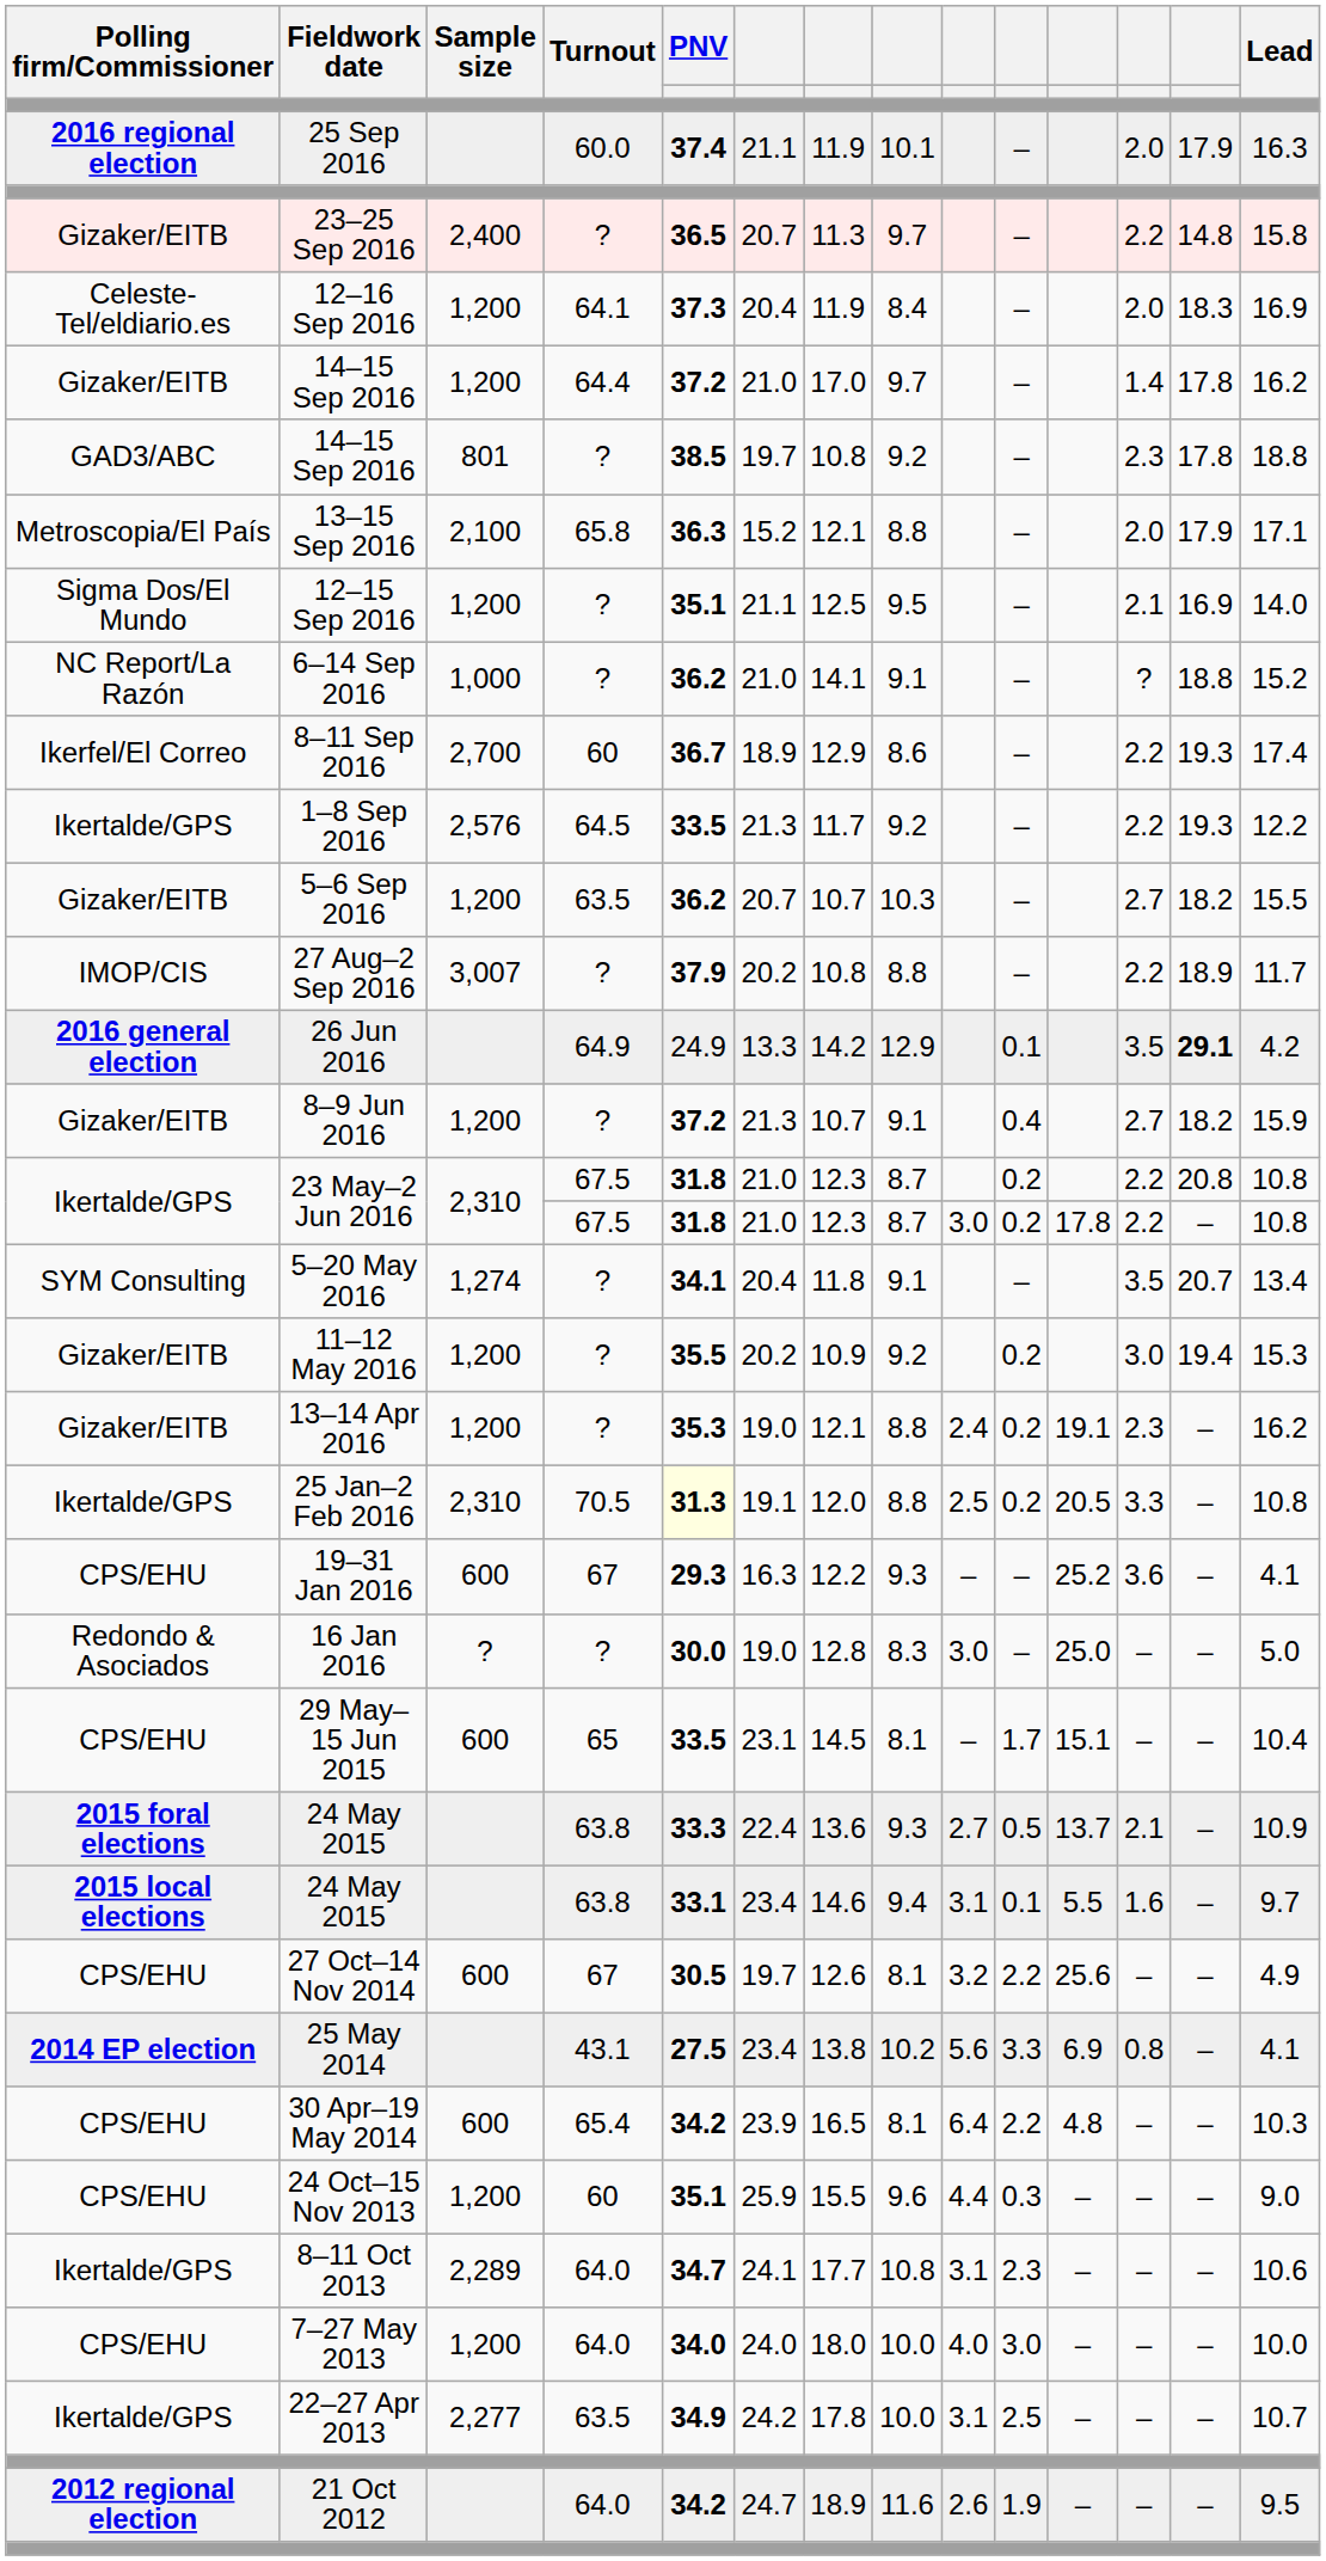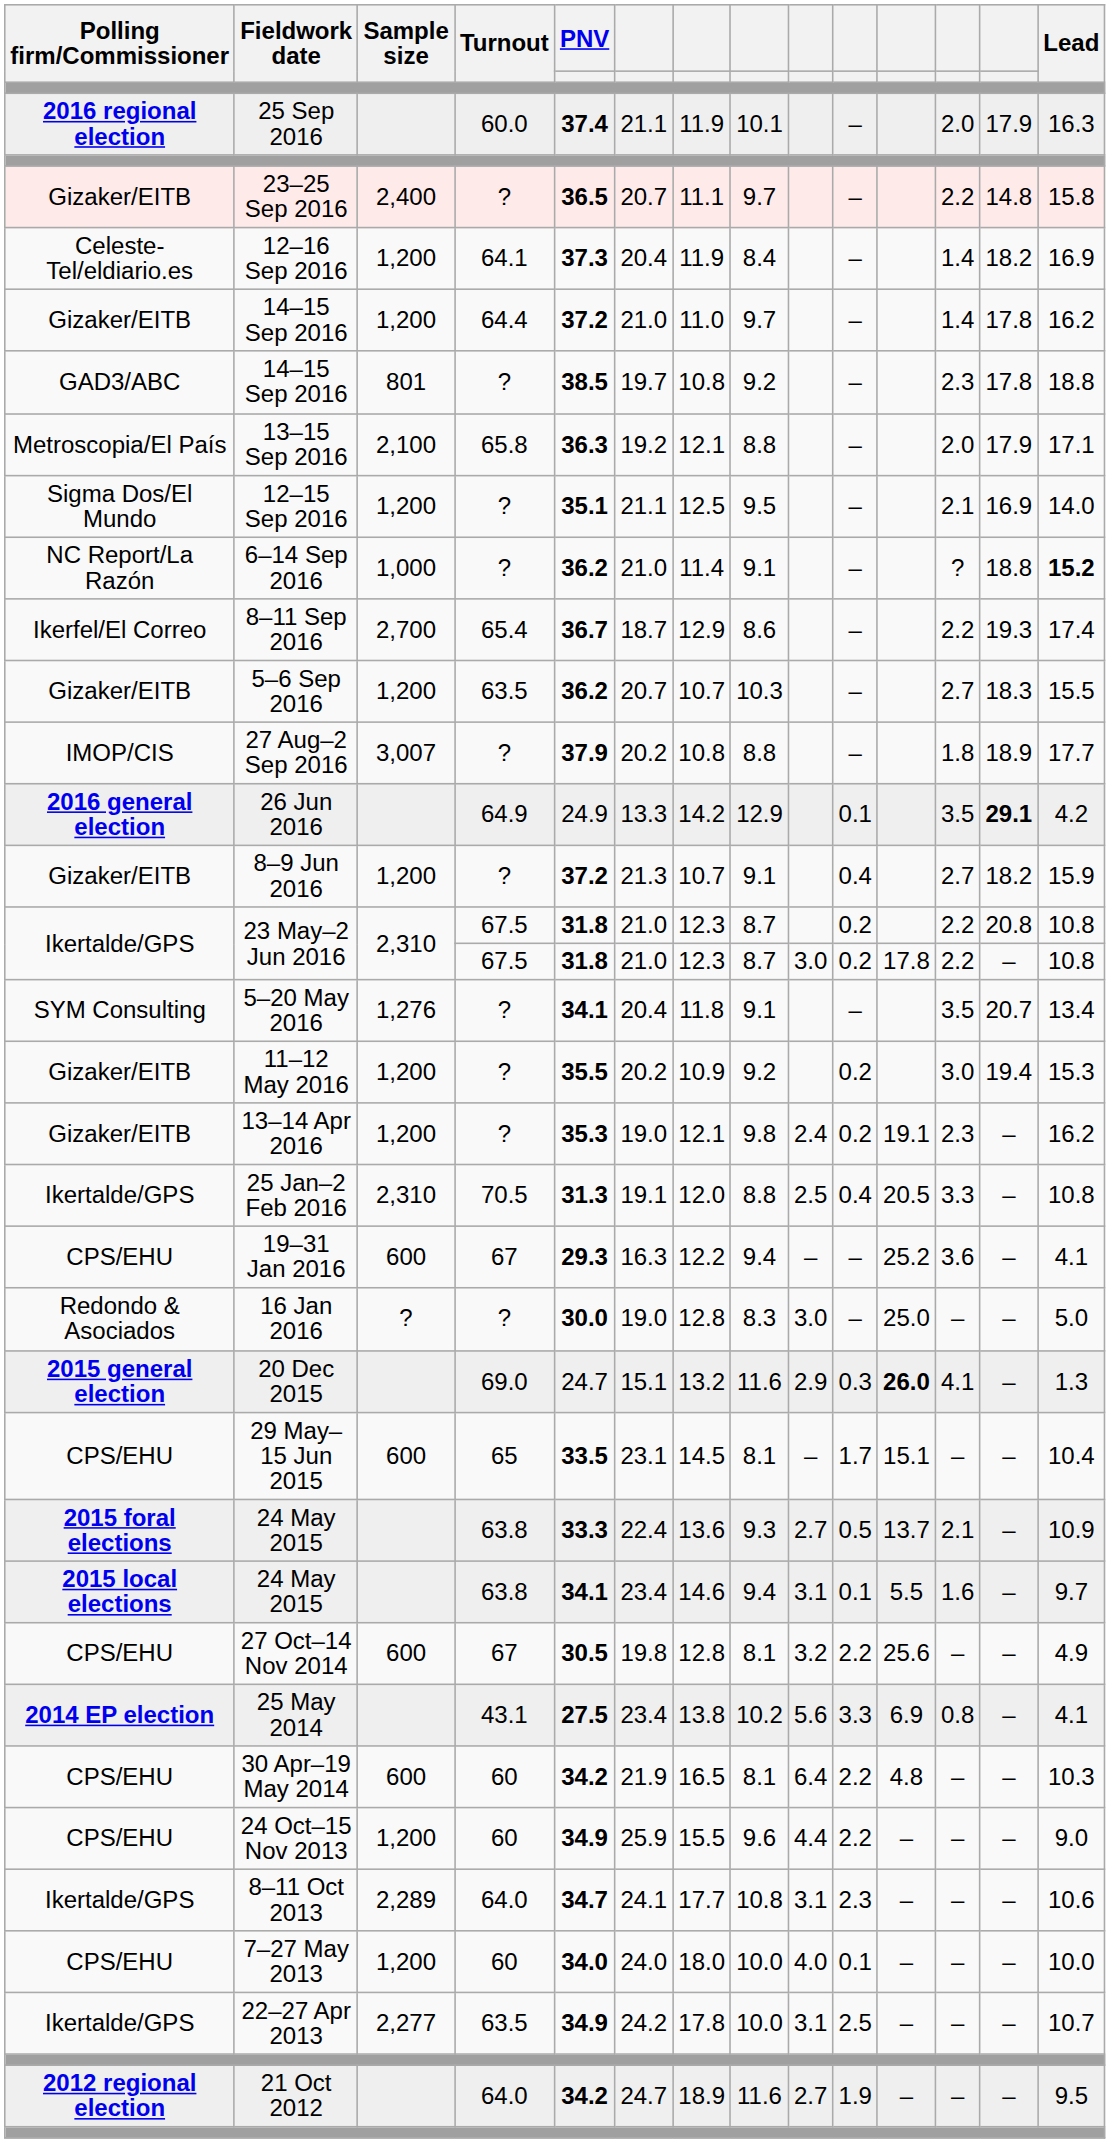 <table class="wikitable collapsible collapsed" style="text-align:center; font-size:95%; line-height:16px;">
 <tr style="height:42px;">
 <th style="width:250px;" rowspan="2">Polling firm/Commissioner</th>
 <th style="width:125px;" rowspan="2">Fieldwork date</th>
 <th style="width:50px;" rowspan="2">Sample size</th>
 <th style="width:45px;" rowspan="2">Turnout</th>
 <th style="width:35px;"><a href='#'>PNV</a></th>
 <th style="width:35px;"></th>
 <th style="width:35px;"></th>
 <th style="width:35px;"></th>
 <th style="width:35px;"></th>
 <th style="width:35px;"></th>
 <th style="width:35px;"></th>
 <th style="width:35px;"></th>
 <th style="width:35px;"></th>
 <th style="width:30px;" rowspan="2">Lead</th>
 </tr>
 <tr>
 <th style="color:inherit;background:"></th>
 <th style="color:inherit;background:"></th>
 <th style="color:inherit;background:"></th>
 <th style="color:inherit;background:"></th>
 <th style="color:inherit;background:"></th>
 <th style="color:inherit;background:"></th>
 <th style="color:inherit;background:"></th>
 <th style="color:inherit;background:"></th>
 <th style="color:inherit;background:"></th>
 </tr>
 <tr>
 <td colspan="14" style="background:#A0A0A0"></td>
 </tr>
 <tr style="background:#EFEFEF;">
 <td><strong><a href='#'>2016 regional election</a></strong></td>
 <td>25 Sep 2016</td>
 <td></td>
 <td>60.0</td>
 <td><strong>37.4</strong><br></td>
 <td>21.1<br></td>
 <td>11.9<br></td>
 <td>10.1<br></td>
 <td></td>
 <td>–</td>
 <td></td>
 <td>2.0<br></td>
 <td>17.9<br></td>
 <td style="background:">16.3</td>
 </tr>
 <tr>
 <td colspan="14" style="background:#A0A0A0"></td>
 </tr>
 <tr style="background:#FFEAEA;">
 <td>Gizaker/EITB</td>
 <td>23–25 Sep 2016</td>
 <td>2,400</td>
 <td>?</td>
 <td><strong>36.5</strong><br></td>
 <td>20.7<br></td>
-<td>11.3<br></td>
+<td>11.1<br></td>
 <td>9.7<br></td>
 <td></td>
 <td>–</td>
 <td></td>
 <td>2.2<br></td>
 <td>14.8<br></td>
 <td style="background:">15.8</td>
 </tr>
 <tr>
 <td>Celeste-Tel/eldiario.es</td>
 <td>12–16 Sep 2016</td>
 <td>1,200</td>
 <td>64.1</td>
 <td><strong>37.3</strong><br></td>
 <td>20.4<br></td>
 <td>11.9<br></td>
 <td>8.4<br></td>
 <td></td>
 <td>–</td>
 <td></td>
-<td>2.0<br></td>
-<td>18.3<br></td>
+<td>1.4<br></td>
+<td>18.2<br></td>
 <td style="background:">16.9</td>
 </tr>
 <tr>
 <td>Gizaker/EITB</td>
 <td>14–15 Sep 2016</td>
 <td>1,200</td>
 <td>64.4</td>
 <td><strong>37.2</strong><br></td>
 <td>21.0<br></td>
-<td>17.0<br></td>
+<td>11.0<br></td>
 <td>9.7<br></td>
 <td></td>
 <td>–</td>
 <td></td>
 <td>1.4<br></td>
 <td>17.8<br></td>
 <td style="background:">16.2</td>
 </tr>
 <tr>
 <td>GAD3/ABC</td>
 <td>14–15 Sep 2016</td>
 <td>801</td>
 <td>?</td>
 <td><strong>38.5</strong><br></td>
 <td>19.7<br></td>
 <td>10.8<br></td>
 <td>9.2<br></td>
 <td></td>
 <td>–</td>
 <td></td>
 <td>2.3<br></td>
 <td>17.8<br></td>
 <td style="background:">18.8</td>
 </tr>
 <tr>
 <td>Metroscopia/El País</td>
 <td>13–15 Sep 2016</td>
 <td>2,100</td>
 <td>65.8</td>
 <td><strong>36.3</strong><br></td>
-<td>15.2<br></td>
+<td>19.2<br></td>
 <td>12.1<br></td>
 <td>8.8<br></td>
 <td></td>
 <td>–</td>
 <td></td>
 <td>2.0<br></td>
 <td>17.9<br></td>
 <td style="background:">17.1</td>
 </tr>
 <tr>
 <td>Sigma Dos/El Mundo</td>
 <td>12–15 Sep 2016</td>
 <td>1,200</td>
 <td>?</td>
 <td><strong>35.1</strong><br></td>
 <td>21.1<br></td>
 <td>12.5<br></td>
 <td>9.5<br></td>
 <td></td>
 <td>–</td>
 <td></td>
 <td>2.1<br></td>
 <td>16.9<br></td>
 <td style="background:">14.0</td>
 </tr>
 <tr>
 <td>NC Report/La Razón</td>
 <td>6–14 Sep 2016</td>
 <td>1,000</td>
 <td>?</td>
 <td><strong>36.2</strong><br></td>
 <td>21.0<br></td>
-<td>14.1<br></td>
+<td>11.4<br></td>
 <td>9.1<br></td>
 <td></td>
 <td>–</td>
 <td></td>
 <td>?<br></td>
 <td>18.8<br></td>
-<td style="background:">15.2</td>
+<td style="background:"><strong>15.2</strong></td>
 </tr>
 <tr>
 <td>Ikerfel/El Correo</td>
 <td>8–11 Sep 2016</td>
 <td>2,700</td>
-<td>60</td>
+<td>65.4</td>
 <td><strong>36.7</strong><br></td>
-<td>18.9<br></td>
+<td>18.7<br></td>
 <td>12.9<br></td>
 <td>8.6<br></td>
 <td></td>
 <td>–</td>
 <td></td>
 <td>2.2<br></td>
 <td>19.3<br></td>
 <td style="background:">17.4</td>
-</tr>
-<tr>
-<td>Ikertalde/GPS</td>
-<td>1–8 Sep 2016</td>
-<td>2,576</td>
-<td>64.5</td>
-<td><strong>33.5</strong><br></td>
-<td>21.3<br></td>
-<td>11.7<br></td>
-<td>9.2<br></td>
-<td></td>
-<td>–</td>
-<td></td>
-<td>2.2<br></td>
-<td>19.3<br></td>
-<td style="background:">12.2</td>
 </tr>
 <tr>
 <td>Gizaker/EITB</td>
 <td>5–6 Sep 2016</td>
 <td>1,200</td>
 <td>63.5</td>
 <td><strong>36.2</strong><br></td>
 <td>20.7<br></td>
 <td>10.7<br></td>
 <td>10.3<br></td>
 <td></td>
 <td>–</td>
 <td></td>
 <td>2.7<br></td>
-<td>18.2<br></td>
+<td>18.3<br></td>
 <td style="background:">15.5</td>
 </tr>
 <tr>
 <td>IMOP/CIS</td>
 <td>27 Aug–2 Sep 2016</td>
 <td>3,007</td>
 <td>?</td>
 <td><strong>37.9</strong><br></td>
 <td>20.2<br></td>
 <td>10.8<br></td>
 <td>8.8<br></td>
 <td></td>
 <td>–</td>
 <td></td>
-<td>2.2<br></td>
+<td>1.8<br></td>
 <td>18.9<br></td>
-<td style="background:">11.7</td>
+<td style="background:">17.7</td>
 </tr>
 <tr style="background:#EFEFEF;">
 <td><strong><a href='#'>2016 general election</a></strong></td>
 <td>26 Jun 2016</td>
 <td></td>
 <td>64.9</td>
 <td>24.9<br></td>
 <td>13.3<br></td>
 <td>14.2<br></td>
 <td>12.9<br></td>
 <td></td>
 <td>0.1<br></td>
 <td></td>
 <td>3.5<br></td>
 <td><strong>29.1</strong><br></td>
 <td style="background:">4.2</td>
 </tr>
 <tr>
 <td>Gizaker/EITB</td>
 <td>8–9 Jun 2016</td>
 <td>1,200</td>
 <td>?</td>
 <td><strong>37.2</strong><br></td>
 <td>21.3<br></td>
 <td>10.7<br></td>
 <td>9.1<br></td>
 <td></td>
 <td>0.4<br></td>
 <td></td>
 <td>2.7<br></td>
 <td>18.2<br></td>
 <td style="background:">15.9</td>
 </tr>
 <tr>
 <td rowspan="2">Ikertalde/GPS</td>
 <td rowspan="2">23 May–2 Jun 2016</td>
 <td rowspan="2">2,310</td>
 <td>67.5</td>
 <td><strong>31.8</strong><br></td>
 <td>21.0<br></td>
 <td>12.3<br></td>
 <td>8.7<br></td>
 <td></td>
 <td>0.2<br></td>
 <td></td>
 <td>2.2<br></td>
 <td>20.8<br></td>
 <td style="background:">10.8</td>
 </tr>
 <tr>
 <td>67.5</td>
 <td><strong>31.8</strong><br></td>
 <td>21.0<br></td>
 <td>12.3<br></td>
 <td>8.7<br></td>
 <td>3.0<br></td>
 <td>0.2<br></td>
 <td>17.8<br></td>
 <td>2.2<br></td>
 <td>–</td>
 <td style="background:">10.8</td>
 </tr>
 <tr>
 <td>SYM Consulting</td>
 <td>5–20 May 2016</td>
-<td>1,274</td>
+<td>1,276</td>
 <td>?</td>
 <td><strong>34.1</strong><br></td>
 <td>20.4<br></td>
 <td>11.8<br></td>
 <td>9.1<br></td>
 <td></td>
 <td>–</td>
 <td></td>
 <td>3.5<br></td>
 <td>20.7<br></td>
 <td style="background:">13.4</td>
 </tr>
 <tr>
 <td>Gizaker/EITB</td>
 <td>11–12 May 2016</td>
 <td>1,200</td>
 <td>?</td>
 <td><strong>35.5</strong><br></td>
 <td>20.2<br></td>
 <td>10.9<br></td>
 <td>9.2<br></td>
 <td></td>
 <td>0.2<br></td>
 <td></td>
 <td>3.0<br></td>
 <td>19.4<br></td>
 <td style="background:">15.3</td>
 </tr>
 <tr>
 <td>Gizaker/EITB</td>
 <td>13–14 Apr 2016</td>
 <td>1,200</td>
 <td>?</td>
 <td><strong>35.3</strong><br></td>
 <td>19.0<br></td>
 <td>12.1<br></td>
-<td>8.8<br></td>
+<td>9.8<br></td>
 <td>2.4<br></td>
 <td>0.2<br></td>
 <td>19.1<br></td>
 <td>2.3<br></td>
 <td>–</td>
 <td style="background:">16.2</td>
 </tr>
 <tr>
 <td>Ikertalde/GPS</td>
 <td>25 Jan–2 Feb 2016</td>
 <td>2,310</td>
 <td>70.5</td>
-<td style="background: lightyellow;"><strong>31.3</strong><br></td>
+<td><strong>31.3</strong><br></td>
 <td>19.1<br></td>
 <td>12.0<br></td>
 <td>8.8<br></td>
 <td>2.5<br></td>
-<td>0.2<br></td>
+<td>0.4<br></td>
 <td>20.5<br></td>
 <td>3.3<br></td>
 <td>–</td>
 <td style="background:">10.8</td>
 </tr>
 <tr>
 <td>CPS/EHU</td>
 <td>19–31 Jan 2016</td>
 <td>600</td>
 <td>67</td>
 <td><strong>29.3</strong><br></td>
 <td>16.3<br></td>
 <td>12.2<br></td>
-<td>9.3<br></td>
+<td>9.4<br></td>
 <td>–</td>
 <td>–</td>
 <td>25.2<br></td>
 <td>3.6<br></td>
 <td>–</td>
 <td style="background:">4.1</td>
 </tr>
 <tr>
 <td>Redondo & Asociados</td>
 <td>16 Jan 2016</td>
 <td>?</td>
 <td>?</td>
 <td><strong>30.0</strong><br></td>
 <td>19.0<br></td>
 <td>12.8<br></td>
 <td>8.3<br></td>
 <td>3.0<br></td>
 <td>–</td>
 <td>25.0<br></td>
 <td>–</td>
 <td>–</td>
 <td style="background:">5.0</td>
+</tr>
+<tr style="background:#EFEFEF;">
+<td><strong><a href='#'>2015 general election</a></strong></td>
+<td>20 Dec 2015</td>
+<td></td>
+<td>69.0</td>
+<td>24.7<br></td>
+<td>15.1<br></td>
+<td>13.2<br></td>
+<td>11.6<br></td>
+<td>2.9<br></td>
+<td>0.3<br></td>
+<td><strong>26.0</strong><br></td>
+<td>4.1<br></td>
+<td>–</td>
+<td style="background:">1.3</td>
 </tr>
 <tr>
 <td>CPS/EHU</td>
 <td>29 May–15 Jun 2015</td>
 <td>600</td>
 <td>65</td>
 <td><strong>33.5</strong><br></td>
 <td>23.1<br></td>
 <td>14.5<br></td>
 <td>8.1<br></td>
 <td>–</td>
 <td>1.7<br></td>
 <td>15.1<br></td>
 <td>–</td>
 <td>–</td>
 <td style="background:">10.4</td>
 </tr>
 <tr style="background:#EFEFEF;">
 <td><strong><a href='#'>2015 foral elections</a></strong></td>
 <td>24 May 2015</td>
 <td></td>
 <td>63.8</td>
 <td><strong>33.3</strong><br></td>
 <td>22.4<br></td>
 <td>13.6<br></td>
 <td>9.3<br></td>
 <td>2.7<br></td>
 <td>0.5<br></td>
 <td>13.7<br></td>
 <td>2.1<br></td>
 <td>–</td>
 <td style="background:">10.9</td>
 </tr>
 <tr style="background:#EFEFEF;">
 <td><strong><a href='#'>2015 local elections</a></strong></td>
 <td>24 May 2015</td>
 <td></td>
 <td>63.8</td>
-<td><strong>33.1</strong></td>
+<td><strong>34.1</strong></td>
 <td>23.4</td>
 <td>14.6</td>
 <td>9.4</td>
 <td>3.1</td>
 <td>0.1</td>
 <td>5.5</td>
 <td>1.6</td>
 <td>–</td>
 <td style="background:">9.7</td>
 </tr>
 <tr>
 <td>CPS/EHU</td>
 <td>27 Oct–14 Nov 2014</td>
 <td>600</td>
 <td>67</td>
 <td><strong>30.5</strong><br></td>
-<td>19.7<br></td>
-<td>12.6<br></td>
+<td>19.8<br></td>
+<td>12.8<br></td>
 <td>8.1<br></td>
 <td>3.2<br></td>
 <td>2.2<br></td>
 <td>25.6<br></td>
 <td>–</td>
 <td>–</td>
 <td style="background:">4.9</td>
 </tr>
 <tr style="background:#EFEFEF;">
 <td><strong><a href='#'>2014 EP election</a></strong></td>
 <td>25 May 2014</td>
 <td></td>
 <td>43.1</td>
 <td><strong>27.5</strong><br></td>
 <td>23.4<br></td>
 <td>13.8<br></td>
 <td>10.2<br></td>
 <td>5.6<br></td>
 <td>3.3<br></td>
 <td>6.9<br></td>
 <td>0.8<br></td>
 <td>–</td>
 <td style="background:">4.1</td>
 </tr>
 <tr>
 <td>CPS/EHU</td>
 <td>30 Apr–19 May 2014</td>
 <td>600</td>
-<td>65.4</td>
+<td>60</td>
 <td><strong>34.2</strong><br></td>
-<td>23.9<br></td>
+<td>21.9<br></td>
 <td>16.5<br></td>
 <td>8.1<br></td>
 <td>6.4<br></td>
 <td>2.2<br></td>
 <td>4.8<br></td>
 <td>–</td>
 <td>–</td>
 <td style="background:">10.3</td>
 </tr>
 <tr>
 <td>CPS/EHU</td>
 <td>24 Oct–15 Nov 2013</td>
 <td>1,200</td>
 <td>60</td>
-<td><strong>35.1</strong><br></td>
+<td><strong>34.9</strong><br></td>
 <td>25.9<br></td>
 <td>15.5<br></td>
 <td>9.6<br></td>
 <td>4.4<br></td>
-<td>0.3<br></td>
+<td>2.2<br></td>
 <td>–</td>
 <td>–</td>
 <td>–</td>
 <td style="background:">9.0</td>
 </tr>
 <tr>
 <td>Ikertalde/GPS</td>
 <td>8–11 Oct 2013</td>
 <td>2,289</td>
 <td>64.0</td>
 <td><strong>34.7</strong><br></td>
 <td>24.1<br></td>
 <td>17.7<br></td>
 <td>10.8<br></td>
 <td>3.1<br></td>
 <td>2.3<br></td>
 <td>–</td>
 <td>–</td>
 <td>–</td>
 <td style="background:">10.6</td>
 </tr>
 <tr>
 <td>CPS/EHU</td>
 <td>7–27 May 2013</td>
 <td>1,200</td>
-<td>64.0</td>
+<td>60</td>
 <td><strong>34.0</strong><br></td>
 <td>24.0<br></td>
 <td>18.0<br></td>
 <td>10.0<br></td>
 <td>4.0<br></td>
-<td>3.0<br></td>
+<td>0.1<br></td>
 <td>–</td>
 <td>–</td>
 <td>–</td>
 <td style="background:">10.0</td>
 </tr>
 <tr>
 <td>Ikertalde/GPS</td>
 <td>22–27 Apr 2013</td>
 <td>2,277</td>
 <td>63.5</td>
 <td><strong>34.9</strong><br></td>
 <td>24.2<br></td>
 <td>17.8<br></td>
 <td>10.0<br></td>
 <td>3.1<br></td>
 <td>2.5<br></td>
 <td>–</td>
 <td>–</td>
 <td>–</td>
 <td style="background:">10.7</td>
 </tr>
 <tr>
 <td colspan="14" style="background:#A0A0A0"></td>
 </tr>
 <tr style="background:#EFEFEF;">
 <td><strong><a href='#'>2012 regional election</a></strong></td>
 <td>21 Oct 2012</td>
 <td></td>
 <td>64.0</td>
 <td><strong>34.2</strong><br></td>
 <td>24.7<br></td>
 <td>18.9<br></td>
 <td>11.6<br></td>
-<td>2.6<br></td>
+<td>2.7<br></td>
 <td>1.9<br></td>
 <td>–</td>
 <td>–</td>
 <td>–</td>
 <td style="background:">9.5</td>
 </tr>
 <tr>
 <td colspan="14" style="background:#A0A0A0"></td>
 </tr>
 </table>
